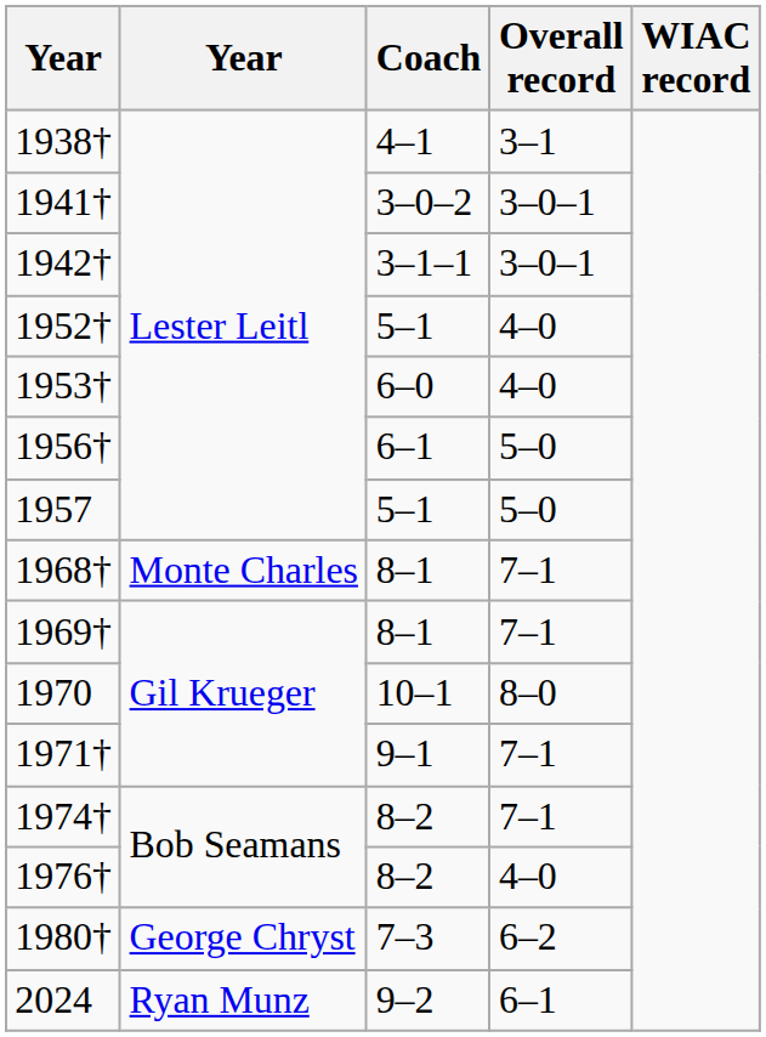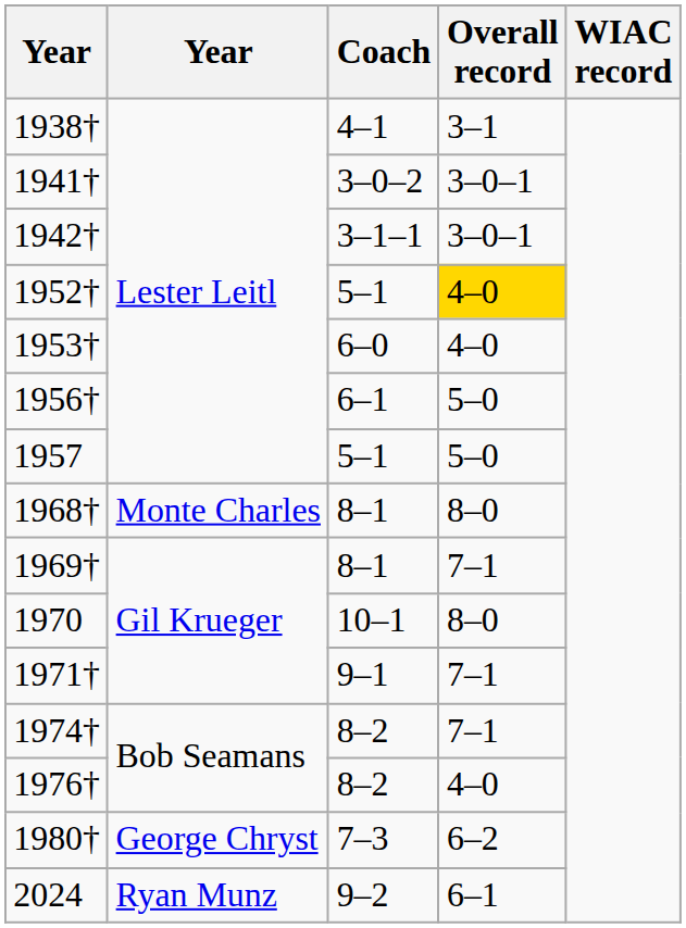 <table class="wikitable"; style= "text-align: ">
 <tr>
 <th width=px>Year</th>
 <th width=px>Year</th>
 <th width=px>Coach</th>
 <th width=px>Overall<br> record</th>
 <th width=px>WIAC<br> record</th>
 </tr>
 <tr>
 <td>1938†</td>
 <td rowspan="7"><a href='#'>Lester Leitl</a></td>
 <td>4–1</td>
 <td>3–1</td>
 </tr>
 <tr>
 <td>1941†</td>
 <td>3–0–2</td>
 <td>3–0–1</td>
 </tr>
 <tr>
 <td>1942†</td>
 <td>3–1–1</td>
 <td>3–0–1</td>
 </tr>
 <tr>
 <td>1952†</td>
 <td>5–1</td>
-<td>4–0</td>
+<td style="background: gold;">4–0</td>
 </tr>
 <tr>
 <td>1953†</td>
 <td>6–0</td>
 <td>4–0</td>
 </tr>
 <tr>
 <td>1956†</td>
 <td>6–1</td>
 <td>5–0</td>
 </tr>
 <tr>
 <td>1957</td>
 <td>5–1</td>
 <td>5–0</td>
 </tr>
 <tr>
 <td>1968†</td>
 <td><a href='#'>Monte Charles</a></td>
 <td>8–1</td>
-<td>7–1</td>
+<td>8–0</td>
 </tr>
 <tr>
 <td>1969†</td>
 <td rowspan="3"><a href='#'>Gil Krueger</a></td>
 <td>8–1</td>
 <td>7–1</td>
 </tr>
 <tr>
 <td>1970</td>
 <td>10–1</td>
 <td>8–0</td>
 </tr>
 <tr>
 <td>1971†</td>
 <td>9–1</td>
 <td>7–1</td>
 </tr>
 <tr>
 <td>1974†</td>
 <td rowspan="2">Bob Seamans</td>
 <td>8–2</td>
 <td>7–1</td>
 </tr>
 <tr>
 <td>1976†</td>
 <td>8–2</td>
 <td>4–0</td>
 </tr>
 <tr>
 <td>1980†</td>
 <td><a href='#'>George Chryst</a></td>
 <td>7–3</td>
 <td>6–2</td>
 </tr>
 <tr>
 <td>2024</td>
 <td><a href='#'>Ryan Munz</a></td>
 <td>9–2</td>
 <td>6–1</td>
 </tr>
 </table>
